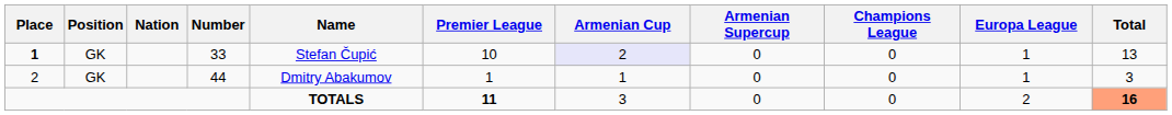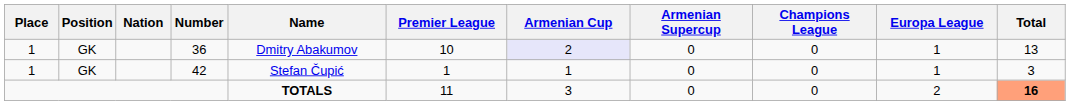 <table class="wikitable" style="font-size: 95%; text-align: center;">
 <tr>
 <th width=60>Place</th>
 <th width=60>Position</th>
 <th width=60>Nation</th>
 <th width=60>Number</th>
 <th width=200>Name</th>
 <th width=150><a href='#'>Premier League</a></th>
 <th width=150><a href='#'>Armenian Cup</a></th>
 <th width=150><a href='#'>Armenian Supercup</a></th>
 <th width=150><a href='#'>Champions League</a></th>
 <th width=150><a href='#'>Europa League</a></th>
 <th width=80><strong>Total</strong></th>
 </tr>
 <tr>
-<td><strong>1</strong></td>
+<td>1</td>
 <td>GK</td>
 <td></td>
-<td>33</td>
-<td><a href='#'>Stefan Čupić</a></td>
+<td>36</td>
+<td><a href='#'>Dmitry Abakumov</a></td>
 <td>10</td>
 <td style="background: lavender;">2</td>
 <td>0</td>
 <td>0</td>
 <td>1</td>
 <td>13</td>
 </tr>
 <tr>
-<td>2</td>
+<td>1</td>
 <td>GK</td>
 <td></td>
-<td>44</td>
-<td><a href='#'>Dmitry Abakumov</a></td>
+<td>42</td>
+<td><a href='#'>Stefan Čupić</a></td>
 <td>1</td>
 <td>1</td>
 <td>0</td>
 <td>0</td>
 <td>1</td>
 <td>3</td>
 </tr>
 <tr>
 <td colspan="4"></td>
 <td><strong>TOTALS</strong></td>
-<td><strong>11</strong></td>
+<td>11</td>
 <td>3</td>
 <td>0</td>
 <td>0</td>
 <td>2</td>
 <td style="background: lightsalmon;"><strong>16</strong></td>
 </tr>
 </table>
